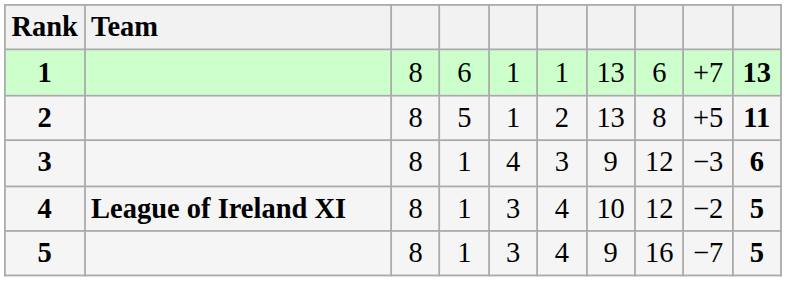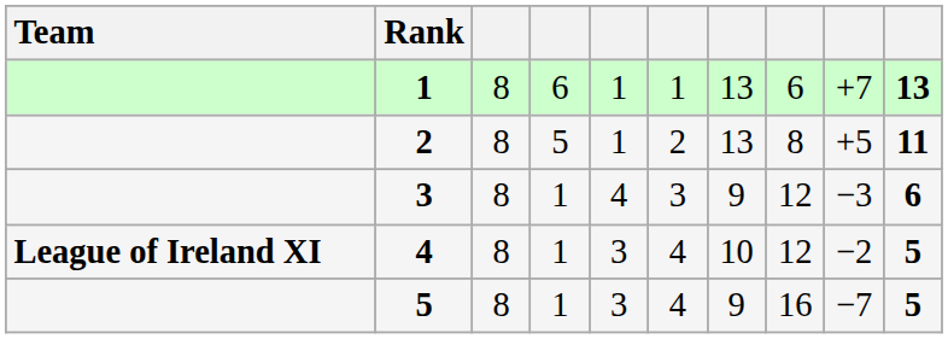 <table class="wikitable" style="text-align:center">
 <tr>
+<th width=165 style="text-align:left;">Team</th>
 <th width=30>Rank</th>
-<th width=165 style="text-align:left;">Team</th>
 <th width=20></th>
 <th width=20></th>
 <th width=20></th>
 <th width=20></th>
 <th width=20></th>
 <th width=20></th>
 <th width=20></th>
 <th width=20></th>
 </tr>
 <tr align=center style="background:#ccffcc;">
+<td style="text-align:left;"></td>
 <td><strong>1</strong></td>
-<td style="text-align:left;"></td>
 <td>8</td>
 <td>6</td>
 <td>1</td>
 <td>1</td>
 <td>13</td>
 <td>6</td>
 <td>+7</td>
 <td><strong>13</strong></td>
 </tr>
 <tr align=center style="background:#f5f5f5;">
+<td style="text-align:left;"></td>
 <td><strong>2</strong></td>
-<td style="text-align:left;"></td>
 <td>8</td>
 <td>5</td>
 <td>1</td>
 <td>2</td>
 <td>13</td>
 <td>8</td>
 <td>+5</td>
 <td><strong>11</strong></td>
 </tr>
 <tr align=center style="background:#f5f5f5;">
+<td style="text-align:left;"></td>
 <td><strong>3</strong></td>
-<td style="text-align:left;"></td>
 <td>8</td>
 <td>1</td>
 <td>4</td>
 <td>3</td>
 <td>9</td>
 <td>12</td>
 <td>−3</td>
 <td><strong>6</strong></td>
 </tr>
 <tr align=center style="background:#f5f5f5;">
+<td style="text-align:left;"> <strong>League of Ireland XI</strong></td>
 <td><strong>4</strong></td>
-<td style="text-align:left;"> <strong>League of Ireland XI</strong></td>
 <td>8</td>
 <td>1</td>
 <td>3</td>
 <td>4</td>
 <td>10</td>
 <td>12</td>
 <td>−2</td>
 <td><strong>5</strong></td>
 </tr>
 <tr align=center style="background:#f5f5f5;">
+<td style="text-align:left;"></td>
 <td><strong>5</strong></td>
-<td style="text-align:left;"></td>
 <td>8</td>
 <td>1</td>
 <td>3</td>
 <td>4</td>
 <td>9</td>
 <td>16</td>
 <td>−7</td>
 <td><strong>5</strong></td>
 </tr>
 </table>
